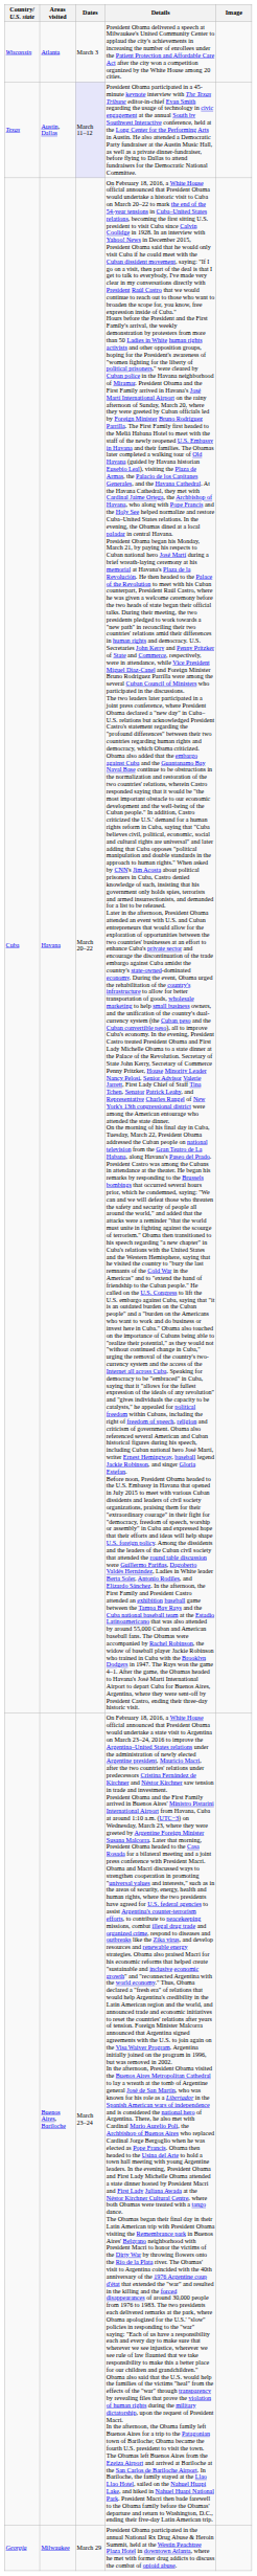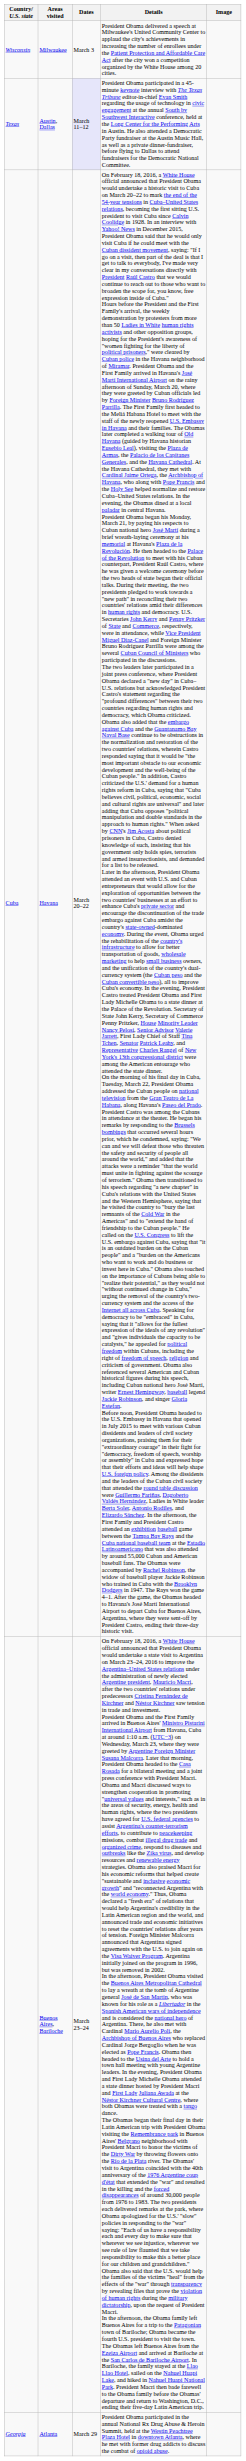 <table class="wikitable" style="margin: 1em auto 1em auto">
 <tr>
 <th width=110>Country/<br><em>U.S. state</em></th>
 <th width=100>Areas visited</th>
 <th width=110>Dates</th>
 <th width=550>Details</th>
 <th width=150>Image</th>
 </tr>
 <tr>
 <td> <em><a href='#'>Wisconsin</a></em></td>
-<td><a href='#'>Atlanta</a></td>
+<td><a href='#'>Milwaukee</a></td>
 <td>March 3</td>
 <td>President Obama delivered a speech at Milwaukee's United Community Center to applaud the city's achievements in increasing the number of enrollees under the <a href='#'>Patient Protection and Affordable Care Act</a> after the city won a competition organized by the White House among 20 cities.</td>
 <td></td>
 </tr>
 <tr>
 <td> <em><a href='#'>Texas</a></em></td>
 <td><a href='#'>Austin</a>,<br><a href='#'>Dallas</a></td>
 <td style="background: lavender;">March 11–12</td>
 <td>President Obama participated in a 45-minute <a href='#'>keynote</a> interview with <em><a href='#'>The Texas Tribune</a></em> editor-in-chief <a href='#'>Evan Smith</a> regarding the usage of technology in <a href='#'>civic engagement</a> at the annual <a href='#'>South by Southwest Interactive</a> conference, held at the <a href='#'>Long Center for the Performing Arts</a> in Austin. He also attended a Democratic Party fundraiser at the Austin Music Hall, as well as a private dinner-fundraiser, before flying to Dallas to attend fundraisers for the Democratic National Committee.</td>
 <td></td>
 </tr>
 <tr>
 <td> <a href='#'>Cuba</a></td>
 <td><a href='#'>Havana</a></td>
 <td>March 20–22</td>
 <td>On February 18, 2016, a <a href='#'>White House</a> official announced that President Obama would undertake a historic visit to Cuba on March 20–22 to mark <a href='#'>the end of the 54-year tensions</a> in <a href='#'>Cuba–United States relations</a>, becoming the first sitting U.S. president to visit Cuba since <a href='#'>Calvin Coolidge</a> in 1928. In an interview with <a href='#'>Yahoo! News</a> in December 2015, President Obama said that he would only visit Cuba if he could meet with the <a href='#'>Cuban dissident movement</a>, saying: "If I go on a visit, then part of the deal is that I get to talk to everybody, I've made very clear in my conversations directly with <a href='#'>President</a> <a href='#'>Raúl Castro</a> that we would continue to reach out to those who want to broaden the scope for, you know, free expression inside of Cuba."<br>Hours before the President and the First Family's arrival, the weekly demonstration by protesters from more than 50 <a href='#'>Ladies in White</a> <a href='#'>human rights activists</a> and other opposition groups, hoping for the President's awareness of "women fighting for the liberty of <a href='#'>political prisoners</a>," were cleared by <a href='#'>Cuban police</a> in the Havana neighborhood of <a href='#'>Miramar</a>. President Obama and the First Family arrived in Havana's <a href='#'>José Martí International Airport</a> on the rainy afternoon of Sunday, March 20, where they were greeted by Cuban officials led by <a href='#'>Foreign Minister</a> <a href='#'>Bruno Rodríguez Parrilla</a>. The First Family first headed to the Meliá Habana Hotel to meet with the staff of the newly reopened <a href='#'>U.S. Embassy in Havana</a> and their families. The Obamas later completed a walking tour of <a href='#'>Old Havana</a> (guided by Havana historian <a href='#'>Eusebio Leal</a>), visiting the <a href='#'>Plaza de Armas</a>, the <a href='#'>Palacio de los Capitanes Generales</a>, and the <a href='#'>Havana Cathedral</a>. At the Havana Cathedral, they met with <a href='#'>Cardinal Jaime Ortega</a>, the <a href='#'>Archbishop of Havana</a>, who along with <a href='#'>Pope Francis</a> and the <a href='#'>Holy See</a> helped normalize and restore Cuba–United States relations. In the evening, the Obamas dined at a local <a href='#'>paladar</a> in central Havana.<br>President Obama began his Monday, March 21, by paying his respects to Cuban national hero <a href='#'>José Martí</a> during a brief wreath-laying ceremony at his <a href='#'>memorial</a> at Havana's <a href='#'>Plaza de la Revolución</a>. He then headed to the <a href='#'>Palace of the Revolution</a> to meet with his Cuban counterpart, President Raúl Castro, where he was given a welcome ceremony before the two heads of state began their official talks. During their meeting, the two presidents pledged to work towards a "new path" in reconciling their two countries' relations amid their differences in <a href='#'>human rights</a> and democracy. U.S. Secretaries <a href='#'>John Kerry</a> and <a href='#'>Penny Pritzker</a> of <a href='#'>State</a> and <a href='#'>Commerce</a>, respectively, were in attendance, while <a href='#'>Vice President</a> <a href='#'>Miguel Díaz-Canel</a> and Foreign Minister Bruno Rodríguez Parrilla were among the several <a href='#'>Cuban Council of Ministers</a> who participated in the discussions.<br>The two leaders later participated in a joint press conference, where President Obama declared a "new day" in Cuba–U.S. relations but acknowledged President Castro's statement regarding the "profound differences" between their two countries regarding human rights and democracy, which Obama criticized. Obama also added that the <a href='#'>embargo against Cuba</a> and the <a href='#'>Guantanamo Bay Naval Base</a> continue to be obstructions in the normalization and restoration of the two countries' relations, wherein Castro responded saying that it would be "the most important obstacle to our economic development and the well-being of the Cuban people." In addition, Castro criticized the U.S.' demand for a human rights reform in Cuba, saying that "Cuba believes civil, political, economic, social and cultural rights are universal" and later adding that Cuba opposes "political manipulation and double standards in the approach to human rights." When asked by <a href='#'>CNN</a>'s <a href='#'>Jim Acosta</a> about political prisoners in Cuba, Castro denied knowledge of such, insisting that his government only holds spies, terrorists and armed insurrectionists, and demanded for a list to be released.<br>Later in the afternoon, President Obama attended an event with U.S. and Cuban entrepreneurs that would allow for the exploration of opportunities between the two countries' businesses at an effort to enhance Cuba's <a href='#'>private sector</a> and encourage the discontinuation of the trade embargo against Cuba amidst the country's <a href='#'>state-owned</a>-dominated <a href='#'>economy</a>. During the event, Obama urged the rehabilitation of the <a href='#'>country's infrastructure</a> to allow for better transportation of goods, <a href='#'>wholesale marketing</a> to help <a href='#'>small business</a> owners, and the unification of the country's dual-currency system (the <a href='#'>Cuban peso</a> and the <a href='#'>Cuban convertible peso</a>), all to improve Cuba's economy. In the evening, President Castro treated President Obama and First Lady Michelle Obama to a state dinner at the Palace of the Revolution. Secretary of State John Kerry, Secretary of Commerce Penny Pritzker, <a href='#'>House</a> <a href='#'>Minority Leader</a> <a href='#'>Nancy Pelosi</a>, <a href='#'>Senior Advisor</a> <a href='#'>Valerie Jarrett</a>, First Lady Chief of Staff <a href='#'>Tina Tchen</a>, <a href='#'>Senator</a> <a href='#'>Patrick Leahy</a>, and <a href='#'>Representative</a> <a href='#'>Charles Rangel</a> of <a href='#'>New York's 13th congressional district</a> were among the American entourage who attended the state dinner.<br>On the morning of his final day in Cuba, Tuesday, March 22, President Obama addressed the Cuban people on <a href='#'>national television</a> from the <a href='#'>Gran Teatro de La Habana</a>, along Havana's <a href='#'>Paseo del Prado</a>. President Castro was among the Cubans in attendance at the theater. He began his remarks by responding to the <a href='#'>Brussels bombings</a> that occurred several hours prior, which he condemned, saying: "We can and we will defeat those who threaten the safety and security of people all around the world," and added that the attacks were a reminder "that the world must unite in fighting against the scourge of terrorism." Obama then transitioned to his speech regarding "a new chapter" in Cuba's relations with the United States and the Western Hemisphere, saying that he visited the country to "bury the last remnants of the <a href='#'>Cold War</a> in the Americas" and to "extend the hand of friendship to the Cuban people." He called on the <a href='#'>U.S. Congress</a> to lift the U.S. embargo against Cuba, saying that "it is an outdated burden on the Cuban people" and a "burden on the Americans who want to work and do business or invest here in Cuba." Obama also touched on the importance of Cubans being able to "realize their potential," as they would not "without continued change in Cuba," urging the removal of the country's two-currency system and the access of the <a href='#'>Internet all across Cuba</a>. Speaking for democracy to be "embraced" in Cuba, saying that it "allows for the fullest expression of the ideals of any revolution" and "gives individuals the capacity to be catalysts," he appealed for <a href='#'>political freedom</a> within Cubans, including the right of <a href='#'>freedom of speech</a>, <a href='#'>religion</a> and criticism of government. Obama also referenced several American and Cuban historical figures during his speech, including Cuban national hero José Martí, writer <a href='#'>Ernest Hemingway</a>, <a href='#'>baseball</a> legend <a href='#'>Jackie Robinson</a>, and singer <a href='#'>Gloria Estefan</a>.<br>Before noon, President Obama headed to the U.S. Embassy in Havana that opened in July 2015 to meet with various Cuban dissidents and leaders of civil society organizations, praising them for their "extraordinary courage" in their fight for "democracy, freedom of speech, worship or assembly" in Cuba and expressed hope that their efforts and ideas will help shape <a href='#'>U.S. foreign policy</a>. Among the dissidents and the leaders of the Cuban civil society that attended the <a href='#'>round table discussion</a> were <a href='#'>Guillermo Fariñas</a>, <a href='#'>Dagoberto Valdés Hernández</a>, Ladies in White leader <a href='#'>Berta Soler</a>, <a href='#'>Antonio Rodiles</a>, and <a href='#'>Elizardo Sánchez</a>. In the afternoon, the First Family and President Castro attended an <a href='#'>exhibition</a> <a href='#'>baseball</a> game between the <a href='#'>Tampa Bay Rays</a> and the <a href='#'>Cuba national baseball team</a> at the <a href='#'>Estadio Latinoamericano</a> that was also attended by around 55,000 Cuban and American baseball fans. The Obamas were accompanied by <a href='#'>Rachel Robinson</a>, the widow of baseball player Jackie Robinson who trained in Cuba with the <a href='#'>Brooklyn Dodgers</a> in 1947. The Rays won the game 4–1. After the game, the Obamas headed to Havana's José Martí International Airport to depart Cuba for Buenos Aires, Argentina, where they were sent-off by President Castro, ending their three-day historic visit.</td>
 <td></td>
 </tr>
 <tr>
 <td></td>
 <td><a href='#'>Buenos Aires</a>,<br><a href='#'>Bariloche</a></td>
 <td>March 23–24</td>
 <td>On February 18, 2016, a <a href='#'>White House</a> official announced that President Obama would undertake a state visit to Argentina on March 23–24, 2016 to improve the <a href='#'>Argentina–United States relations</a> under the administration of newly elected <a href='#'>Argentine president</a>, <a href='#'>Mauricio Macri</a>, after the two countries' relations under predecessors <a href='#'>Cristina Fernández de Kirchner</a> and <a href='#'>Néstor Kirchner</a> saw tension in trade and investment.<br>President Obama and the First Family arrived in Buenos Aires' <a href='#'>Ministro Pistarini International Airport</a> from Havana, Cuba at around 1:10 a.m. (<a href='#'>UTC−3</a>) on Wednesday, March 23, where they were greeted by <a href='#'>Argentine Foreign Minister</a> <a href='#'>Susana Malcorra</a>. Later that morning, President Obama headed to the <a href='#'>Casa Rosada</a> for a bilateral meeting and a joint press conference with President Macri. Obama and Macri discussed ways to strengthen cooperation in promoting "<a href='#'>universal values</a> and interests," such as in the areas of security, energy, health and human rights, where the two presidents have agreed for <a href='#'>U.S. federal agencies</a> to assist <a href='#'>Argentina's counter-terrorism efforts</a>, to contribute to <a href='#'>peacekeeping</a> missions, combat <a href='#'>illegal drug trade</a> and <a href='#'>organized crime</a>, respond to diseases and <a href='#'>outbreaks</a> like the <a href='#'>Zika virus</a>, and develop resources and <a href='#'>renewable energy</a> strategies. Obama also praised Macri for his economic reforms that helped create "sustainable and <a href='#'>inclusive</a> <a href='#'>economic growth</a>" and "reconnected Argentina with the <a href='#'>world economy</a>." Thus, Obama declared a "fresh era" of relations that would help Argentina's credibility in the Latin American region and the world, and announced trade and economic initiatives to reset the countries' relations after years of tension.   Foreign Minister Malcorra announced that Argentina signed agreements with the U.S. to join again on the <a href='#'>Visa Waiver Program</a>. Argentina initially joined on the program in 1996, but was removed in 2002.<br>In the afternoon, President Obama visited the <a href='#'>Buenos Aires Metropolitan Cathedral</a> to lay a wreath at the tomb of Argentine general <a href='#'>José de San Martín</a>, who was known for his role as a <em><a href='#'>Libertador</a></em> in the <a href='#'>Spanish American wars of independence</a> and is considered the <a href='#'>national hero</a> of Argentina. There, he also met with Cardinal <a href='#'>Mario Aurelio Poli</a>, the <a href='#'>Archbishop of Buenos Aires</a> who replaced Cardinal Jorge Bergoglio when he was elected as <a href='#'>Pope Francis</a>. Obama then headed to the <a href='#'>Usina del Arte</a> to hold a town hall meeting with young Argentine leaders. In the evening, President Obama and First Lady Michelle Obama attended a state dinner hosted by President Macri and <a href='#'>First Lady</a> <a href='#'>Juliana Awada</a> at the <a href='#'>Néstor Kirchner Cultural Centre</a>, where both Obamas were treated with a <a href='#'>tango</a> dance.<br>The Obamas began their final day in their Latin American trip with President Obama visiting the <a href='#'>Remembrance park</a> in Buenos Aires' <a href='#'>Belgrano</a> neighborhood with President Macri to honor the victims of the <a href='#'>Dirty War</a> by throwing flowers onto the <a href='#'>Río de la Plata</a> river. The Obamas' visit to Argentina coincided with the 40th anniversary of the <a href='#'>1976 Argentine coup d'état</a> that extended the "war" and resulted in the killing and the <a href='#'>forced disappearances</a> of around 30,000 people from 1976 to 1983. The two presidents each delivered remarks at the park, where Obama apologized for the U.S.' "slow" policies in responding to the "war" saying: "Each of us have a responsibility each and every day to make sure that wherever we see injustice, wherever we see rule of law flaunted that we take responsibility to make this a better place for our children and grandchildren." Obama also said that the U.S. would help the families of the victims "heal" from the effects of the "war" through <a href='#'>transparency</a> by revealing files that prove the <a href='#'>violation of human rights</a> during the <a href='#'>military dictatorship</a>, upon the request of President Macri.<br>In the afternoon, the Obama family left Buenos Aires for a trip to the <a href='#'>Patagonian</a> town of Bariloche; Obama became the fourth U.S. president to visit the town. The Obamas left Buenos Aires from the <a href='#'>Ezeiza Airport</a> and arrived at Bariloche at the <a href='#'>San Carlos de Bariloche Airport</a>. In Bariloche, the family stayed at the <a href='#'>Llao Llao Hotel</a>, sailed on the <a href='#'>Nahuel Huapi Lake</a>, and hiked in <a href='#'>Nahuel Huapi National Park</a>. President Macri then bade farewell to the Obama family before the Obamas' departure and return to Washington, D.C., ending their five-day Latin American trip.</td>
 <td></td>
 </tr>
 <tr>
 <td> <em><a href='#'>Georgia</a></em></td>
-<td><a href='#'>Milwaukee</a></td>
+<td><a href='#'>Atlanta</a></td>
 <td>March 29</td>
 <td>President Obama participated in the annual National Rx Drug Abuse & Heroin Summit, held at the <a href='#'>Westin Peachtree Plaza Hotel</a> in <a href='#'>downtown Atlanta</a>, where he met with former drug addicts to discuss the combat of <a href='#'>opioid abuse</a>.</td>
 <td></td>
 </tr>
 </table>
